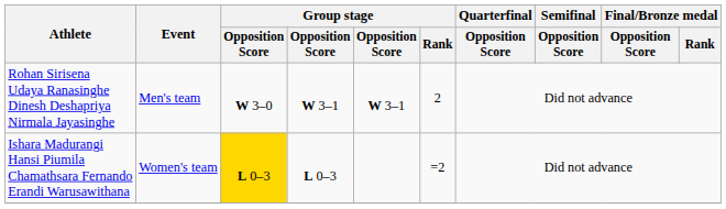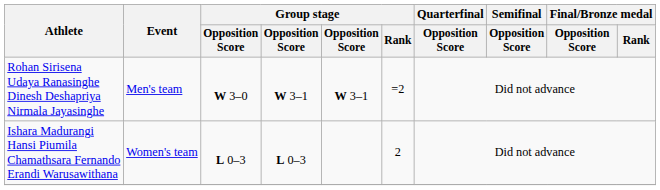 <table class="wikitable" style="font-size:90%">
 <tr>
 <th rowspan=2>Athlete</th>
 <th rowspan=2>Event</th>
 <th colspan=4>Group stage</th>
 <th>Quarterfinal</th>
 <th>Semifinal</th>
 <th colspan=2>Final/Bronze medal</th>
 </tr>
 <tr style="font-size:95%">
 <th>Opposition<br>Score</th>
 <th>Opposition<br>Score</th>
 <th>Opposition<br>Score</th>
 <th>Rank</th>
 <th>Opposition<br>Score</th>
 <th>Opposition<br>Score</th>
 <th>Opposition<br>Score</th>
 <th>Rank</th>
 </tr>
 <tr align=center>
 <td align=left><a href='#'>Rohan Sirisena</a><br><a href='#'>Udaya Ranasinghe</a><br><a href='#'>Dinesh Deshapriya</a><br><a href='#'>Nirmala Jayasinghe</a></td>
 <td align=left><a href='#'>Men's team</a></td>
 <td><br><strong>W</strong> 3–0</td>
 <td><br><strong>W</strong> 3–1</td>
 <td><br><strong>W</strong> 3–1</td>
-<td>2</td>
+<td>=2</td>
 <td colspan="4">Did not advance</td>
 </tr>
 <tr align=center>
 <td align=left><a href='#'>Ishara Madurangi</a><br><a href='#'>Hansi Piumila</a><br><a href='#'>Chamathsara Fernando</a><br><a href='#'>Erandi Warusawithana</a></td>
 <td align=left><a href='#'>Women's team</a></td>
-<td style="background: gold;"><br><strong>L</strong> 0–3</td>
+<td><br><strong>L</strong> 0–3</td>
 <td><br><strong>L</strong> 0–3</td>
 <td></td>
-<td>=2</td>
+<td>2</td>
 <td colspan="4">Did not advance</td>
 </tr>
 <tr align=center>
 </tr>
 </table>
